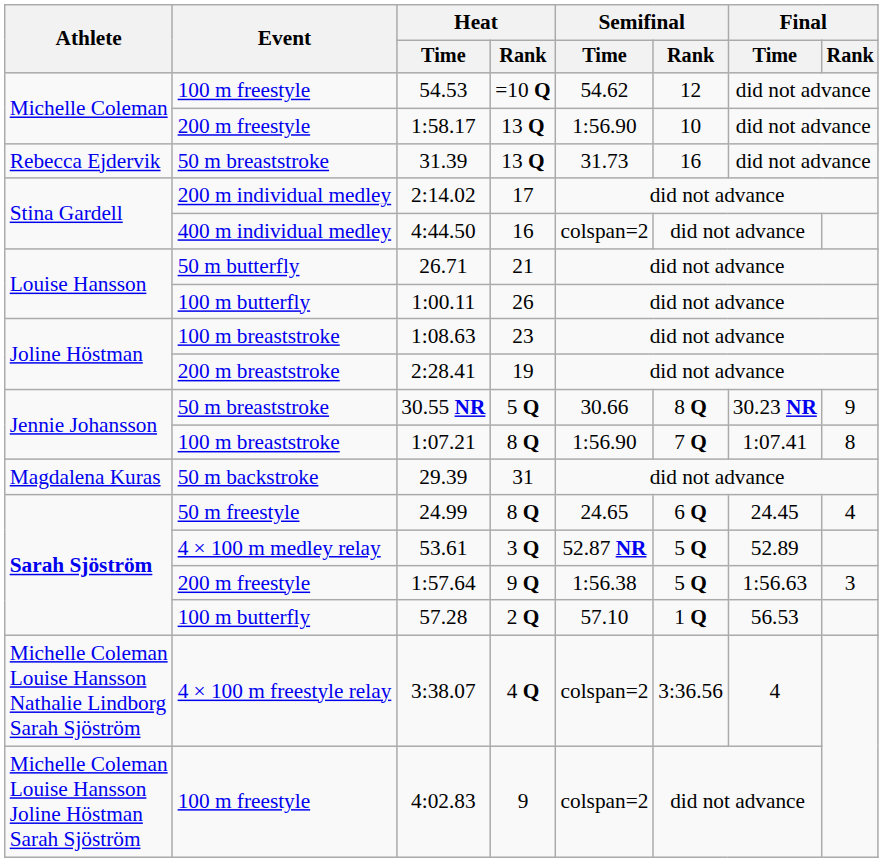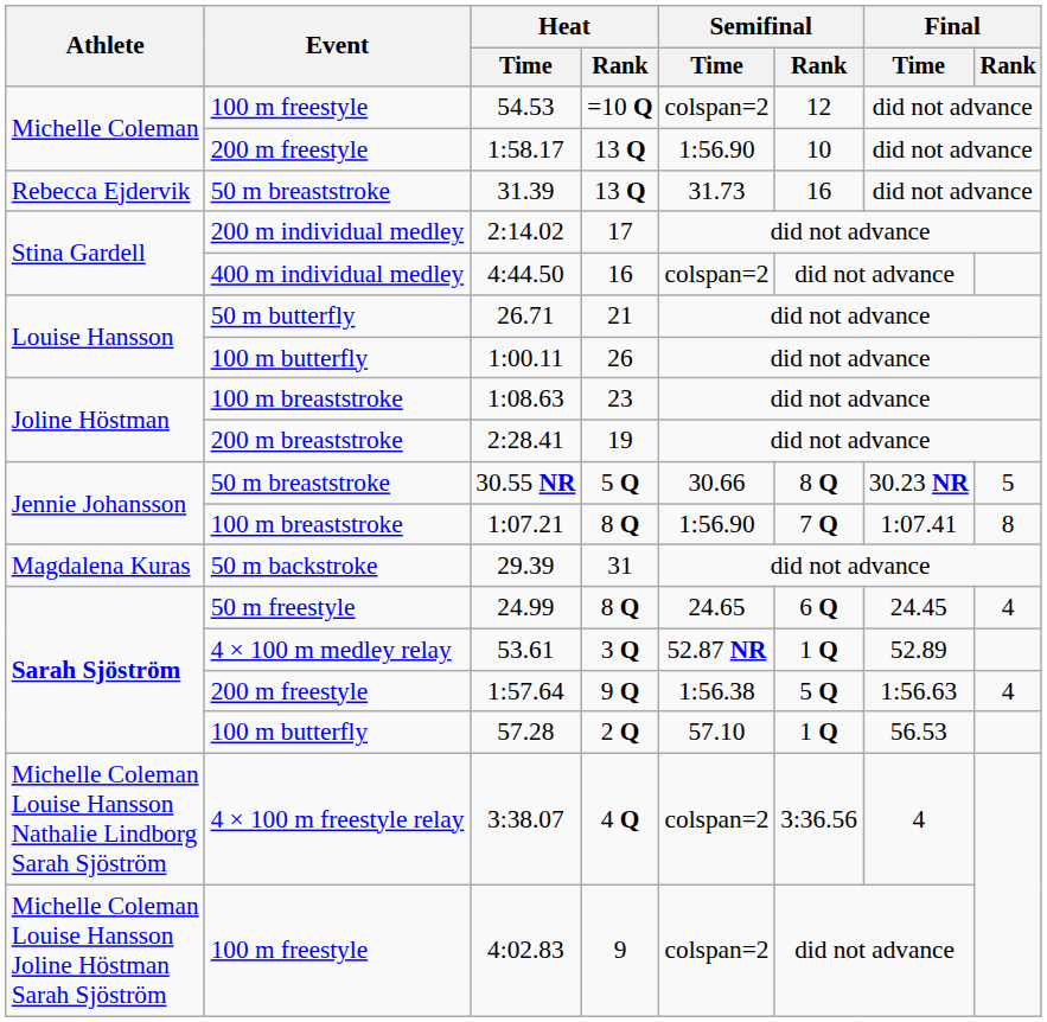 <table class=wikitable style="font-size:90%">
 <tr>
 <th rowspan="2">Athlete</th>
 <th rowspan="2">Event</th>
 <th colspan="2">Heat</th>
 <th colspan="2">Semifinal</th>
 <th colspan="2">Final</th>
 </tr>
 <tr style="font-size:95%">
 <th>Time</th>
 <th>Rank</th>
 <th>Time</th>
 <th>Rank</th>
 <th>Time</th>
 <th>Rank</th>
 </tr>
 <tr align=center>
 <td align=left rowspan=2><a href='#'>Michelle Coleman</a></td>
 <td align=left><a href='#'>100 m freestyle</a></td>
 <td>54.53</td>
 <td>=10 <strong>Q</strong></td>
-<td>54.62</td>
+<td>colspan=2 </td>
 <td>12</td>
 <td colspan=2>did not advance</td>
 </tr>
 <tr align=center>
 <td align=left><a href='#'>200 m freestyle</a></td>
 <td>1:58.17</td>
 <td>13 <strong>Q</strong></td>
 <td>1:56.90</td>
 <td>10</td>
 <td colspan=2>did not advance</td>
 </tr>
 <tr align=center>
 <td align=left><a href='#'>Rebecca Ejdervik</a></td>
 <td align=left><a href='#'>50 m breaststroke</a></td>
 <td>31.39</td>
 <td>13 <strong>Q</strong></td>
 <td>31.73</td>
 <td>16</td>
 <td colspan=2>did not advance</td>
 </tr>
 <tr align=center>
 <td align=left rowspan=2><a href='#'>Stina Gardell</a></td>
 <td align=left><a href='#'>200 m individual medley</a></td>
 <td>2:14.02</td>
 <td>17</td>
 <td colspan=4>did not advance</td>
 </tr>
 <tr align=center>
 <td align=left><a href='#'>400 m individual medley</a></td>
 <td>4:44.50</td>
 <td>16</td>
 <td>colspan=2 </td>
 <td colspan=2>did not advance</td>
 </tr>
 <tr align=center>
 <td align=left rowspan=2><a href='#'>Louise Hansson</a></td>
 <td align=left><a href='#'>50 m butterfly</a></td>
 <td>26.71</td>
 <td>21</td>
 <td colspan=4>did not advance</td>
 </tr>
 <tr align=center>
 <td align=left><a href='#'>100 m butterfly</a></td>
 <td>1:00.11</td>
 <td>26</td>
 <td colspan=4>did not advance</td>
 </tr>
 <tr align=center>
 <td align=left rowspan=2><a href='#'>Joline Höstman</a></td>
 <td align=left><a href='#'>100 m breaststroke</a></td>
 <td>1:08.63</td>
 <td>23</td>
 <td colspan=4>did not advance</td>
 </tr>
 <tr align=center>
 <td align=left><a href='#'>200 m breaststroke</a></td>
 <td>2:28.41</td>
 <td>19</td>
 <td colspan=4>did not advance</td>
 </tr>
 <tr align=center>
 <td align=left rowspan=2><a href='#'>Jennie Johansson</a></td>
 <td align=left><a href='#'>50 m breaststroke</a></td>
 <td>30.55 <strong><a href='#'>NR</a></strong></td>
 <td>5 <strong>Q</strong></td>
 <td>30.66</td>
 <td>8 <strong>Q</strong></td>
 <td>30.23 <strong><a href='#'>NR</a></strong></td>
-<td>9</td>
+<td>5</td>
 </tr>
 <tr align=center>
 <td align=left><a href='#'>100 m breaststroke</a></td>
 <td>1:07.21</td>
 <td>8 <strong>Q</strong></td>
 <td>1:56.90</td>
 <td>7 <strong>Q</strong></td>
 <td>1:07.41</td>
 <td>8</td>
 </tr>
 <tr align=center>
 <td align=left><a href='#'>Magdalena Kuras</a></td>
 <td align=left><a href='#'>50 m backstroke</a></td>
 <td>29.39</td>
 <td>31</td>
 <td colspan=4>did not advance</td>
 </tr>
 <tr align=center>
 <td align=left rowspan=4><strong><a href='#'>Sarah Sjöström</a></strong></td>
 <td align=left><a href='#'>50 m freestyle</a></td>
 <td>24.99</td>
 <td>8 <strong>Q</strong></td>
 <td>24.65</td>
 <td>6 <strong>Q</strong></td>
 <td>24.45</td>
 <td>4</td>
 </tr>
 <tr align=center>
 <td align=left><a href='#'>4 × 100 m medley relay</a></td>
 <td>53.61</td>
 <td>3 <strong>Q</strong></td>
 <td>52.87 <strong><a href='#'>NR</a></strong></td>
-<td>5 <strong>Q</strong></td>
+<td>1 <strong>Q</strong></td>
 <td>52.89</td>
 <td></td>
 </tr>
 <tr align=center>
 <td align=left><a href='#'>200 m freestyle</a></td>
 <td>1:57.64</td>
 <td>9 <strong>Q</strong></td>
 <td>1:56.38</td>
 <td>5 <strong>Q</strong></td>
 <td>1:56.63</td>
-<td>3</td>
+<td>4</td>
 </tr>
 <tr align=center>
 <td align=left><a href='#'>100 m butterfly</a></td>
 <td>57.28</td>
 <td>2 <strong>Q</strong></td>
 <td>57.10</td>
 <td>1 <strong>Q</strong></td>
 <td>56.53</td>
 <td></td>
 </tr>
 <tr align=center>
 <td align=left><a href='#'>Michelle Coleman</a><br><a href='#'>Louise Hansson</a><br><a href='#'>Nathalie Lindborg</a><br><a href='#'>Sarah Sjöström</a></td>
 <td align=left><a href='#'>4 × 100 m freestyle relay</a></td>
 <td>3:38.07</td>
 <td>4 <strong>Q</strong></td>
 <td>colspan=2 </td>
 <td>3:36.56</td>
 <td>4</td>
 </tr>
 <tr align=center>
 <td align=left><a href='#'>Michelle Coleman</a><br><a href='#'>Louise Hansson</a><br><a href='#'>Joline Höstman</a><br><a href='#'>Sarah Sjöström</a></td>
 <td align=left><a href='#'>100 m freestyle</a></td>
 <td>4:02.83</td>
 <td>9</td>
 <td>colspan=2 </td>
 <td colspan=2>did not advance</td>
 </tr>
 </table>
